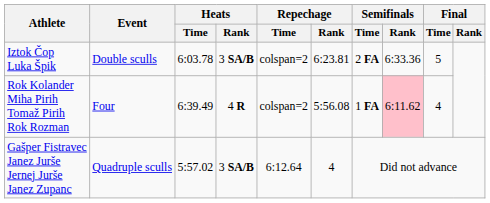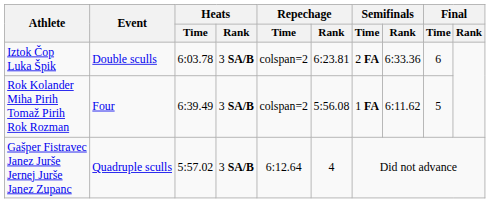 <table class="wikitable" style="font-size:90%">
 <tr>
 <th rowspan="2">Athlete</th>
 <th rowspan="2">Event</th>
 <th colspan="2">Heats</th>
 <th colspan="2">Repechage</th>
 <th colspan="2">Semifinals</th>
 <th colspan="2">Final</th>
 </tr>
 <tr style="font-size:95%">
 <th>Time</th>
 <th>Rank</th>
 <th>Time</th>
 <th>Rank</th>
 <th>Time</th>
 <th>Rank</th>
 <th>Time</th>
 <th>Rank</th>
 </tr>
 <tr align=center>
 <td align=left><a href='#'>Iztok Čop</a><br><a href='#'>Luka Špik</a></td>
 <td align=left><a href='#'>Double sculls</a></td>
 <td>6:03.78</td>
 <td>3 <strong>SA/B</strong></td>
 <td>colspan=2 </td>
 <td>6:23.81</td>
 <td>2 <strong>FA</strong></td>
 <td>6:33.36</td>
-<td>5</td>
+<td>6</td>
 </tr>
 <tr align=center>
 <td align=left><a href='#'>Rok Kolander</a><br><a href='#'>Miha Pirih</a><br><a href='#'>Tomaž Pirih</a><br><a href='#'>Rok Rozman</a></td>
 <td align=left><a href='#'>Four</a></td>
 <td>6:39.49</td>
-<td>4 <strong>R</strong></td>
+<td>3 <strong>SA/B</strong></td>
 <td>colspan=2 </td>
 <td>5:56.08</td>
 <td>1 <strong>FA</strong></td>
-<td style="background: pink;">6:11.62</td>
-<td>4</td>
+<td>6:11.62</td>
+<td>5</td>
 </tr>
 <tr align=center>
 <td align=left><a href='#'>Gašper Fistravec</a><br><a href='#'>Janez Jurše</a><br><a href='#'>Jernej Jurše</a><br><a href='#'>Janez Zupanc</a></td>
 <td align=left><a href='#'>Quadruple sculls</a></td>
 <td>5:57.02</td>
 <td>3 <strong>SA/B</strong></td>
 <td>6:12.64</td>
 <td>4</td>
 <td colspan=4>Did not advance</td>
 </tr>
 </table>
